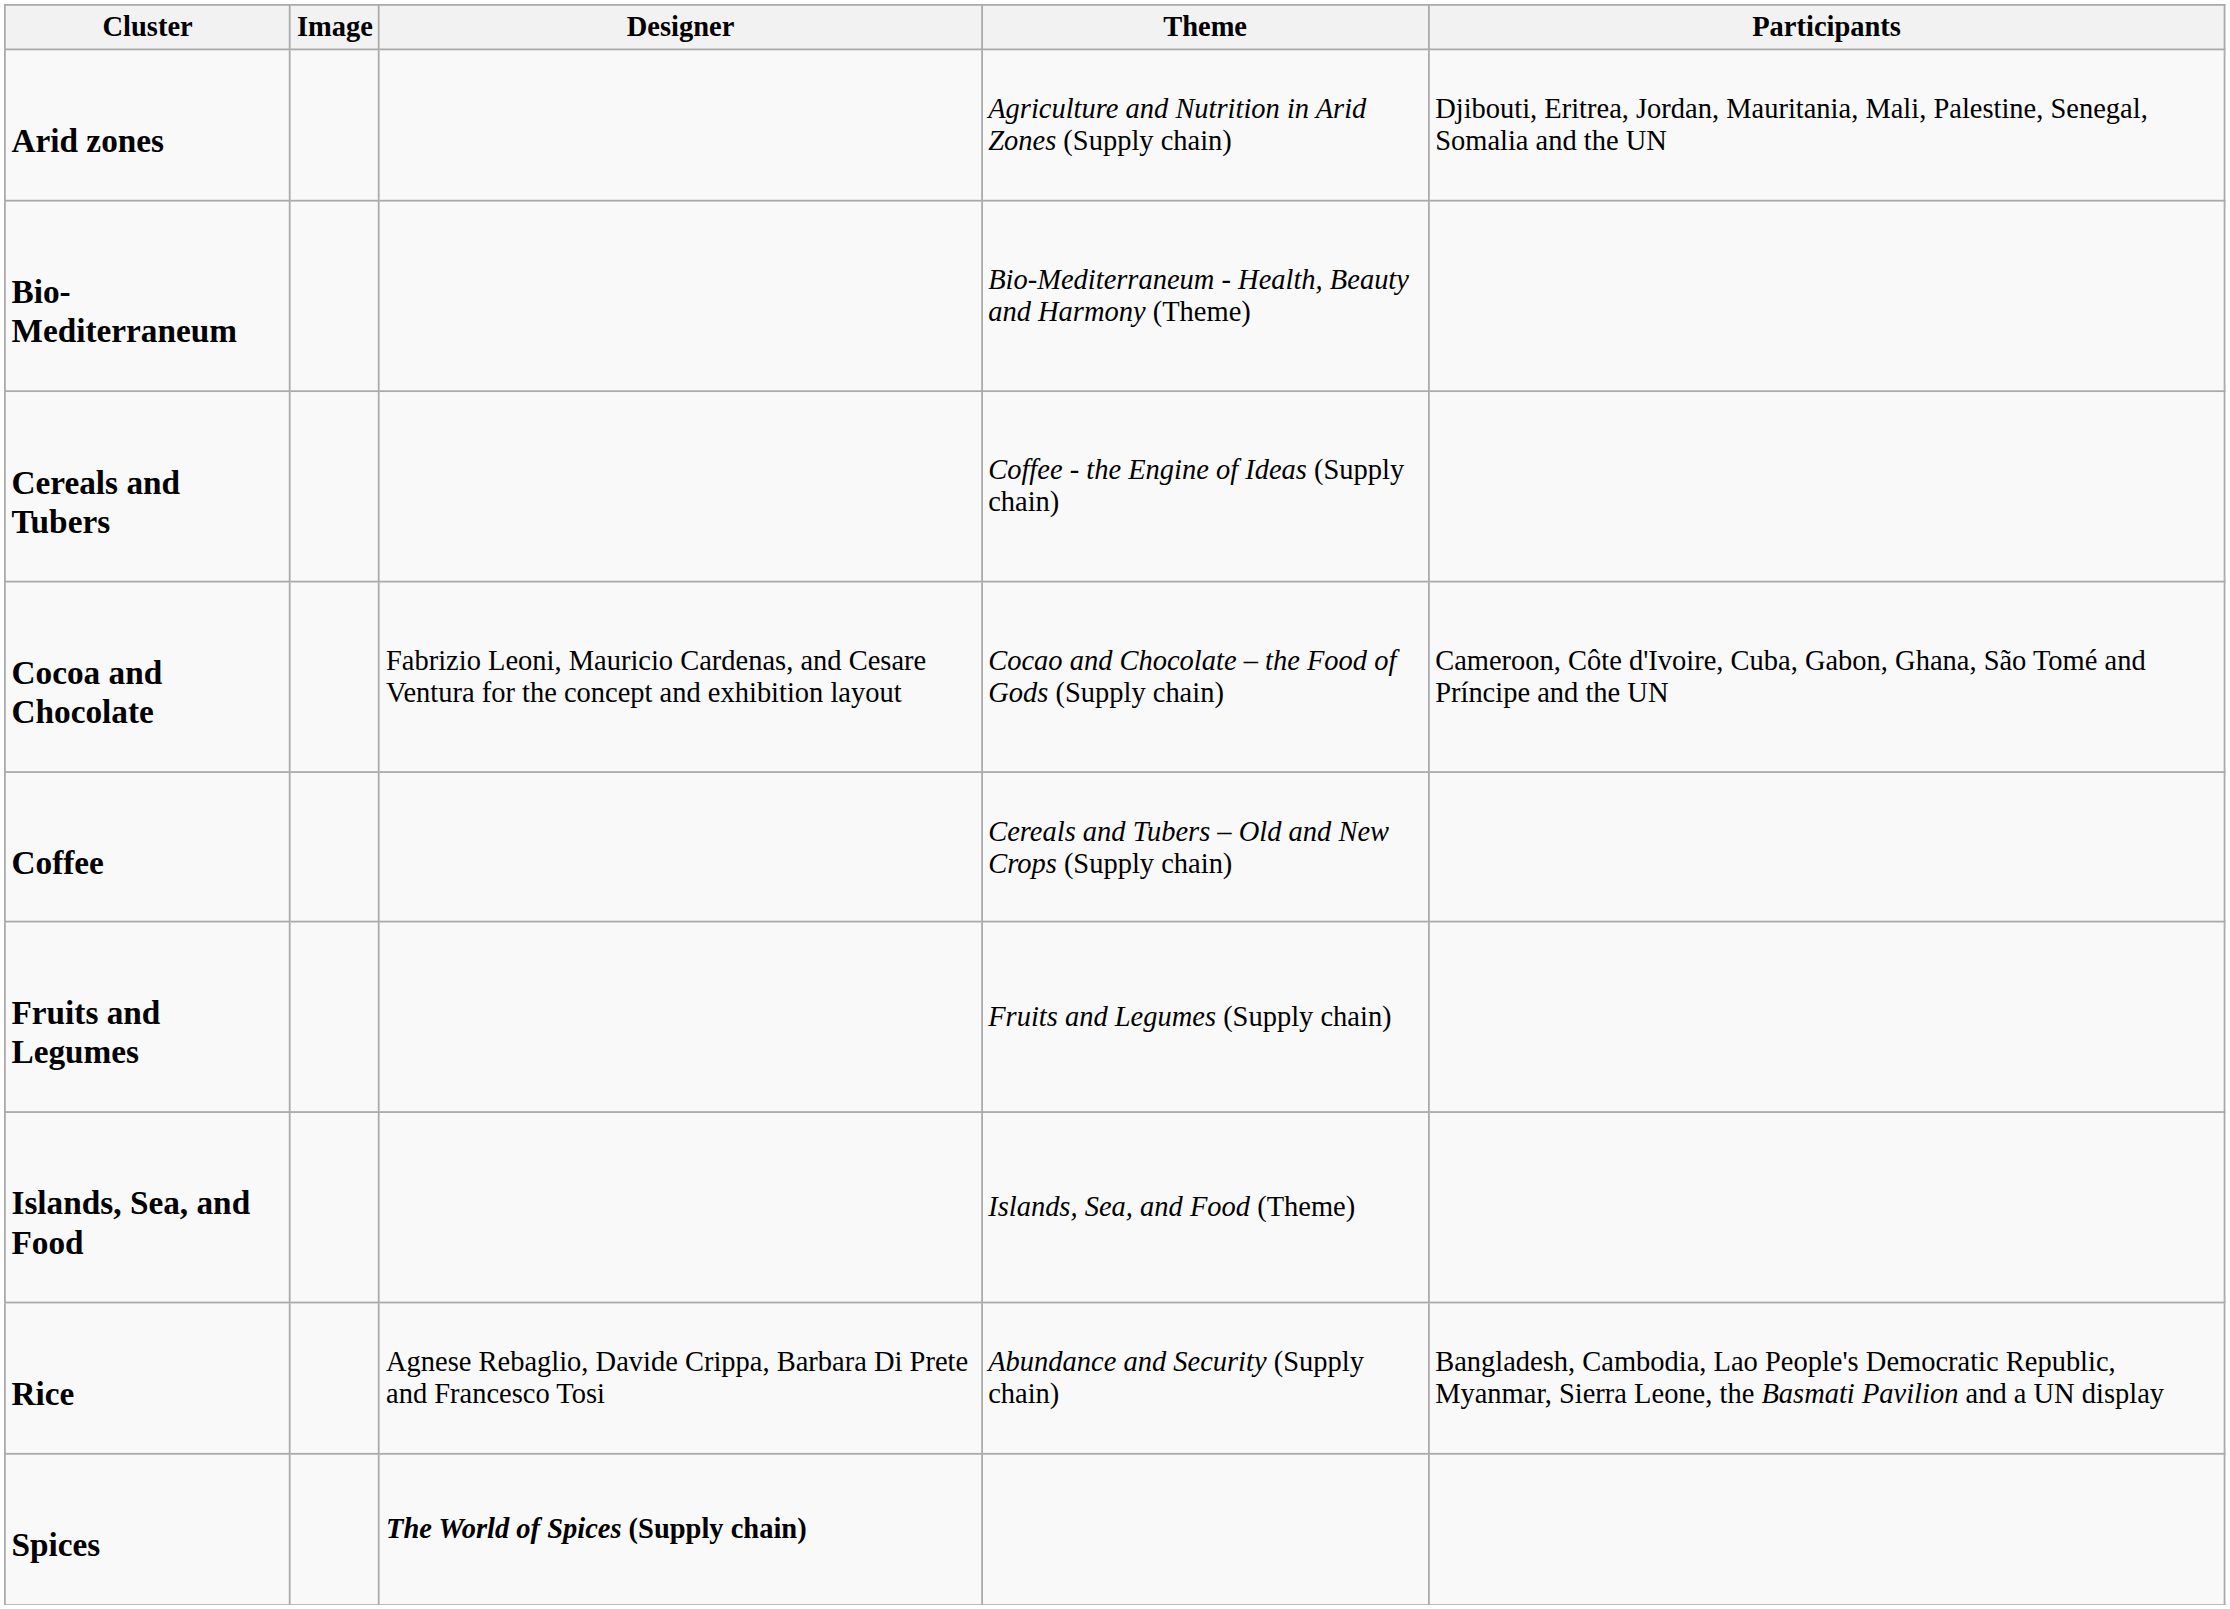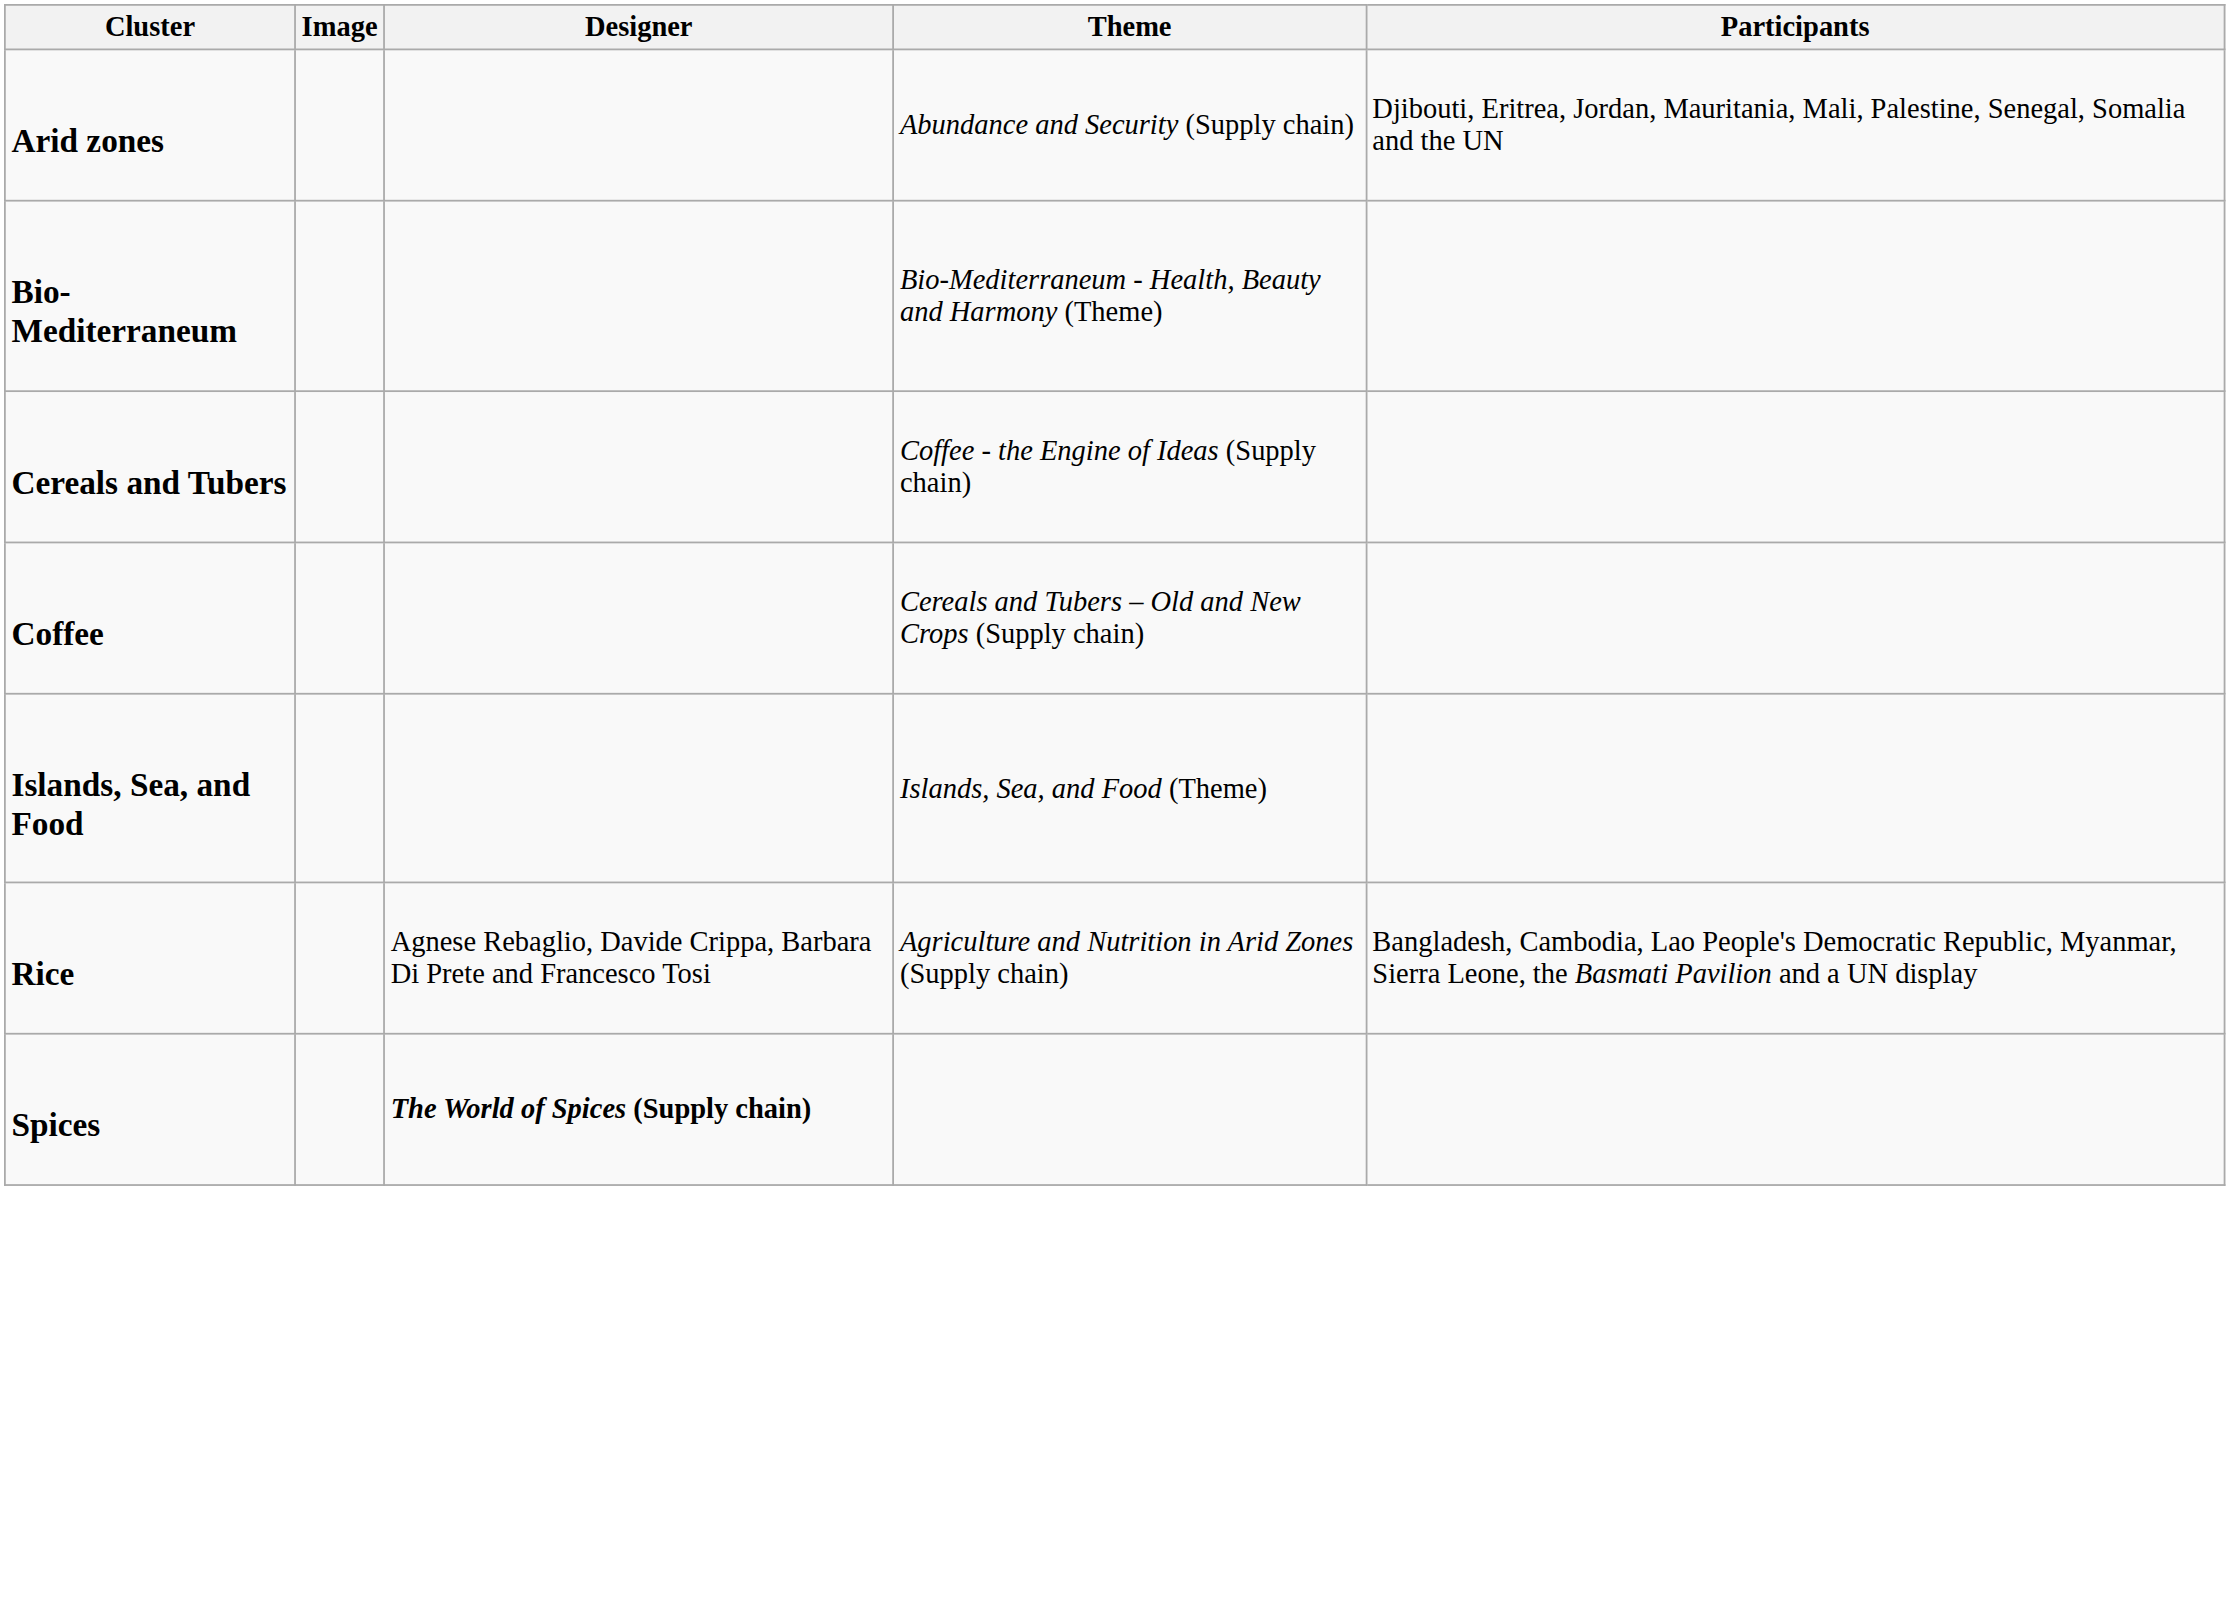 <table class="wikitable sortable">
 <tr>
 <th>Cluster</th>
 <th>Image</th>
 <th>Designer</th>
 <th>Theme</th>
 <th>Participants</th>
 </tr>
 <tr>
 <td><br><h3>Arid zones</h3></td>
 <td></td>
 <td></td>
-<td><em>Agriculture and Nutrition in Arid Zones</em> (Supply chain)</td>
+<td><em>Abundance and Security</em> (Supply chain)</td>
 <td>Djibouti, Eritrea, Jordan, Mauritania, Mali, Palestine, Senegal, Somalia and the UN</td>
 </tr>
 <tr>
 <td><br><h3>Bio-Mediterraneum</h3></td>
 <td></td>
 <td></td>
 <td><em>Bio-Mediterraneum - Health, Beauty and Harmony</em> (Theme)</td>
 <td></td>
 </tr>
 <tr>
 <td><br><h3>Cereals and Tubers</h3></td>
 <td></td>
 <td></td>
 <td><em>Coffee -  the Engine of Ideas</em> (Supply chain)</td>
 <td></td>
 </tr>
 <tr>
-<td><br><h3>Cocoa and Chocolate</h3></td>
-<td></td>
-<td>Fabrizio Leoni, Mauricio Cardenas, and Cesare Ventura for the concept and exhibition layout</td>
-<td><em>Cocao and Chocolate – the Food of Gods</em> (Supply chain)</td>
-<td>Cameroon, Côte d'Ivoire, Cuba, Gabon, Ghana, São Tomé and Príncipe and the UN</td>
-</tr>
-<tr>
 <td><br><h3>Coffee</h3></td>
 <td></td>
 <td></td>
 <td><em>Cereals and Tubers – Old and New Crops</em> (Supply chain)</td>
-<td></td>
-</tr>
-<tr>
-<td><br><h3>Fruits and Legumes</h3></td>
-<td></td>
-<td></td>
-<td><em>Fruits and Legumes</em> (Supply chain)</td>
 <td></td>
 </tr>
 <tr>
 <td><br><h3>Islands, Sea, and Food</h3></td>
 <td></td>
 <td></td>
 <td><em>Islands, Sea, and Food</em> (Theme)</td>
 <td></td>
 </tr>
 <tr>
 <td><br><h3>Rice</h3></td>
 <td></td>
 <td>Agnese Rebaglio, Davide Crippa, Barbara Di Prete and Francesco Tosi</td>
-<td><em>Abundance and Security</em> (Supply chain)</td>
+<td><em>Agriculture and Nutrition in Arid Zones</em> (Supply chain)</td>
 <td>Bangladesh, Cambodia, Lao People's Democratic Republic, Myanmar, Sierra Leone, the <em>Basmati Pavilion</em> and a UN display</td>
 </tr>
 <tr>
 <td><br><h3>Spices</h3></td>
 <td></td>
 <td><strong><em>The World of Spices</em> (Supply chain)</strong></td>
 <td></td>
 </tr>
 </table>
